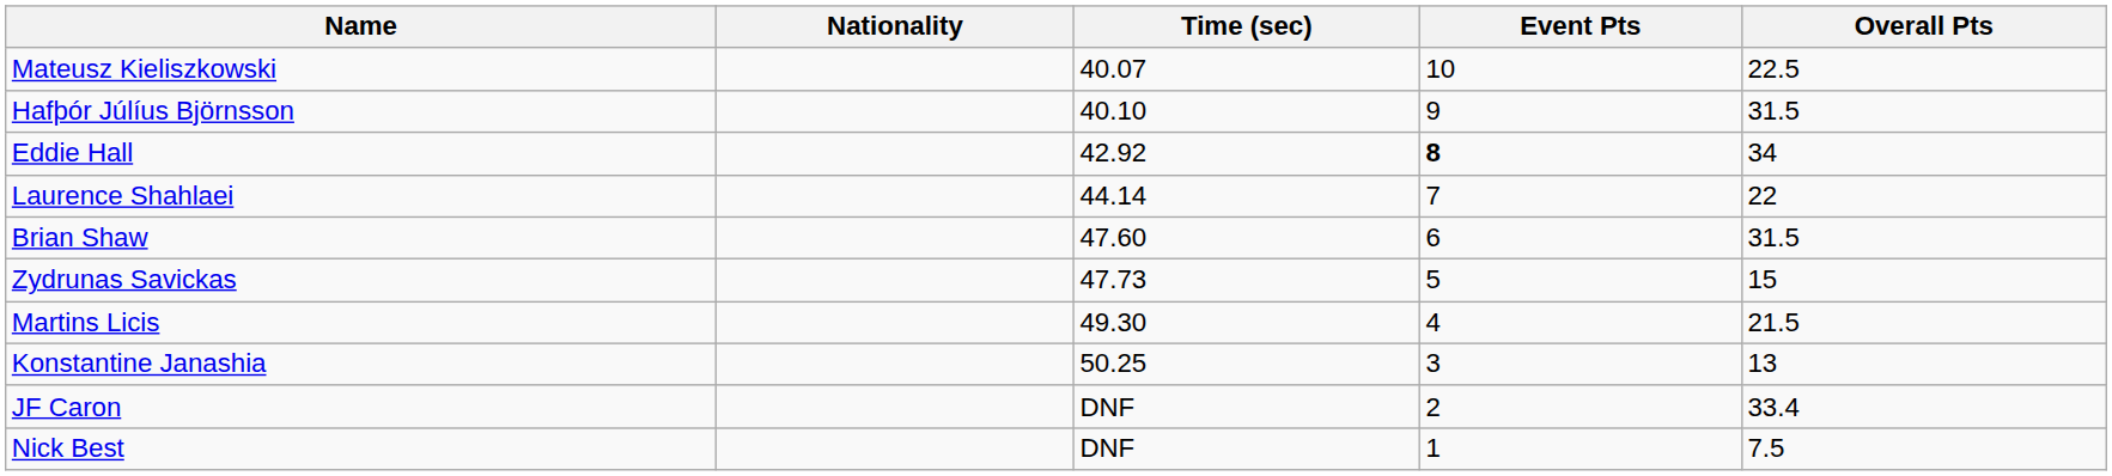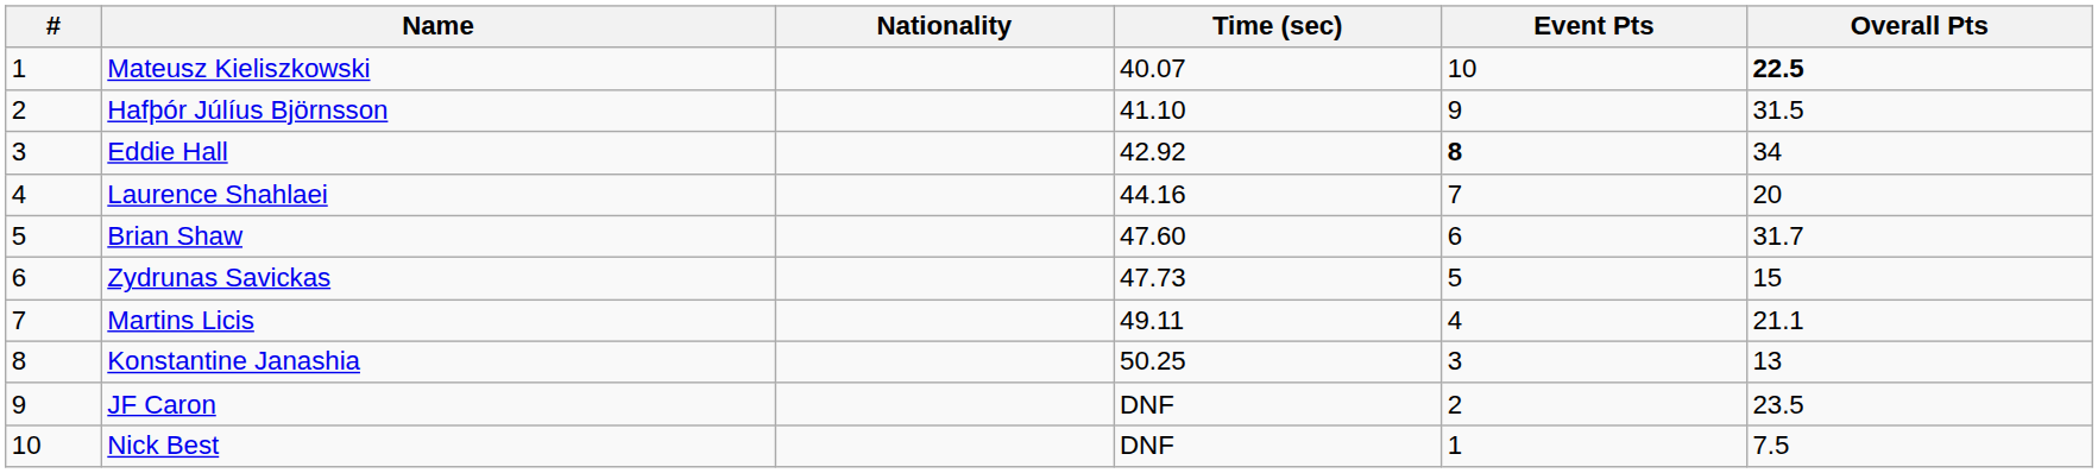 <table class="wikitable sortable" style="display: inline-table; width: 100%;">
 <tr>
+<th>#</th>
 <th>Name</th>
 <th>Nationality</th>
 <th>Time (sec)</th>
 <th>Event Pts</th>
 <th>Overall Pts</th>
 </tr>
 <tr>
+<td>1</td>
 <td><a href='#'>Mateusz Kieliszkowski</a></td>
 <td></td>
 <td>40.07</td>
 <td>10</td>
-<td>22.5</td>
+<td><strong>22.5</strong></td>
 </tr>
 <tr>
+<td>2</td>
 <td><a href='#'>Hafþór Júlíus Björnsson</a></td>
 <td></td>
-<td>40.10</td>
+<td>41.10</td>
 <td>9</td>
 <td>31.5</td>
 </tr>
 <tr>
+<td>3</td>
 <td><a href='#'>Eddie Hall</a></td>
 <td></td>
 <td>42.92</td>
 <td><strong>8</strong></td>
 <td>34</td>
 </tr>
 <tr>
+<td>4</td>
 <td><a href='#'>Laurence Shahlaei</a></td>
 <td></td>
-<td>44.14</td>
+<td>44.16</td>
 <td>7</td>
-<td>22</td>
+<td>20</td>
 </tr>
 <tr>
+<td>5</td>
 <td><a href='#'>Brian Shaw</a></td>
 <td></td>
 <td>47.60</td>
 <td>6</td>
-<td>31.5</td>
+<td>31.7</td>
 </tr>
 <tr>
+<td>6</td>
 <td><a href='#'>Zydrunas Savickas</a></td>
 <td></td>
 <td>47.73</td>
 <td>5</td>
 <td>15</td>
 </tr>
 <tr>
+<td>7</td>
 <td><a href='#'>Martins Licis</a></td>
 <td></td>
-<td>49.30</td>
+<td>49.11</td>
 <td>4</td>
-<td>21.5</td>
+<td>21.1</td>
 </tr>
 <tr>
+<td>8</td>
 <td><a href='#'>Konstantine Janashia</a></td>
 <td></td>
 <td>50.25</td>
 <td>3</td>
 <td>13</td>
 </tr>
 <tr>
+<td>9</td>
 <td><a href='#'>JF Caron</a></td>
 <td></td>
 <td>DNF </td>
 <td>2</td>
-<td>33.4</td>
+<td>23.5</td>
 </tr>
 <tr>
+<td>10</td>
 <td><a href='#'>Nick Best</a></td>
 <td></td>
 <td>DNF </td>
 <td>1</td>
 <td>7.5</td>
 </tr>
 </table>
